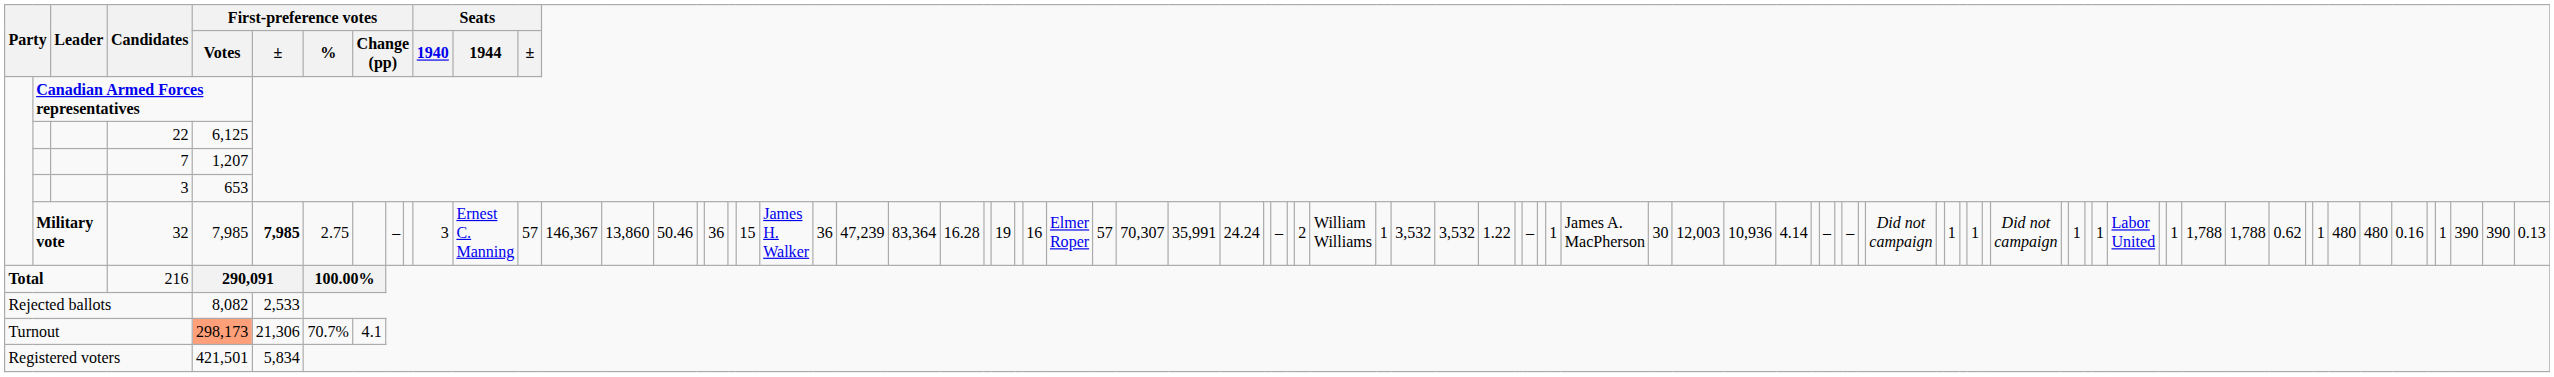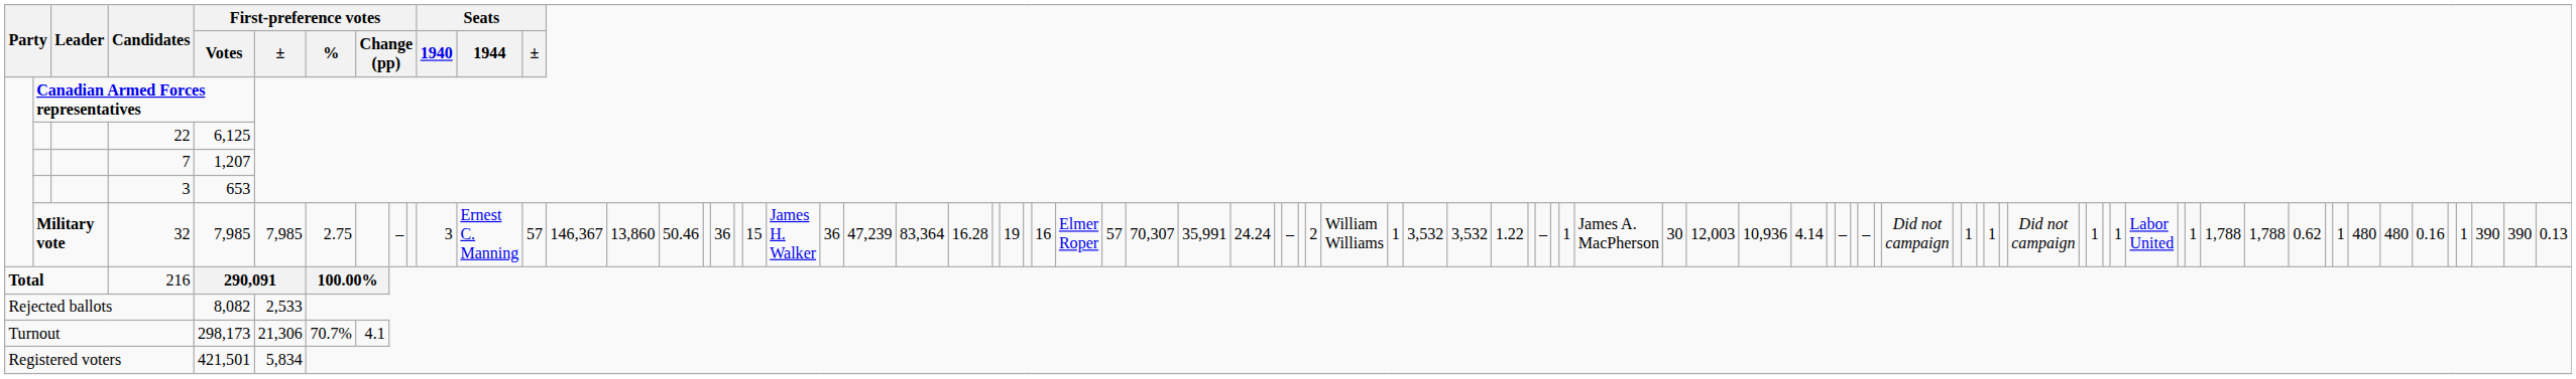 <table class="wikitable" style="text-align:right; font-size:85%">
 <tr>
 <th rowspan="2" colspan="2" style="width:15%">Party</th>
 <th rowspan="2">Leader</th>
 <th rowspan="2">Candidates</th>
 <th colspan="6">First-preference votes</th>
 <th colspan="3">Seats</th>
 </tr>
 <tr>
 <th>Votes</th>
 <th>±</th>
 <th>% </th>
 <th colspan="3">Change (pp)</th>
 <th><a href='#'>1940</a></th>
 <th>1944</th>
 <th>±</th>
 </tr>
 <tr>
 <td rowspan="5" > </td>
 <td style="text-align:left;" colspan="4"><strong><a href='#'>Canadian Armed Forces</a> representatives</strong></td>
 </tr>
 <tr>
 <td style="text-align:left;"></td>
 <td></td>
 <td>22</td>
 <td>6,125</td>
 </tr>
 <tr>
 <td style="text-align:left;"></td>
 <td></td>
 <td>7</td>
 <td>1,207</td>
 </tr>
 <tr>
 <td style="text-align:left;"></td>
 <td></td>
 <td>3</td>
 <td>653</td>
 </tr>
 <tr>
 <td colspan="2" style="text-align:left;"><strong>Military vote</strong></td>
 <td>32</td>
 <td>7,985</td>
-<td><strong>7,985</strong></td>
+<td>7,985</td>
 <td>2.75</td>
 <td></td>
 <td>–</td>
 <td></td>
 <td>3<br></td>
 <td style="text-align:left;"><a href='#'>Ernest C. Manning</a></td>
 <td>57</td>
 <td>146,367</td>
 <td>13,860</td>
 <td>50.46</td>
 <td></td>
 <td>36</td>
 <td></td>
 <td>15<br></td>
 <td style="text-align:left;"><a href='#'>James H. Walker</a></td>
 <td>36</td>
 <td>47,239</td>
 <td>83,364</td>
 <td>16.28</td>
 <td></td>
 <td>19</td>
 <td></td>
 <td>16<br></td>
 <td style="text-align:left;"><a href='#'>Elmer Roper</a></td>
 <td>57</td>
 <td>70,307</td>
 <td>35,991</td>
 <td>24.24</td>
 <td></td>
 <td>–</td>
 <td></td>
 <td>2<br></td>
 <td style="text-align:left;">William Williams</td>
 <td>1</td>
 <td>3,532</td>
 <td>3,532</td>
 <td>1.22</td>
 <td></td>
 <td>–</td>
 <td></td>
 <td>1<br></td>
 <td style="text-align:left;">James A. MacPherson</td>
 <td>30</td>
 <td>12,003</td>
 <td>10,936</td>
 <td>4.14</td>
 <td></td>
 <td>–</td>
 <td></td>
 <td>–<br></td>
 <td style="text-align:left;"></td>
 <td colspan="4" style="text-align:center;"><em>Did not campaign</em></td>
 <td></td>
 <td>1</td>
 <td></td>
 <td>1<br></td>
 <td style="text-align:left;"></td>
 <td colspan="4" style="text-align:center;"><em>Did not campaign</em></td>
 <td></td>
 <td>1</td>
 <td></td>
 <td>1<br></td>
 <td style="text-align:left;"><a href='#'>Labor United</a></td>
 <td></td>
 <td>1</td>
 <td>1,788</td>
 <td>1,788</td>
 <td>0.62<br></td>
 <td></td>
 <td>1</td>
 <td>480</td>
 <td>480</td>
 <td>0.16<br></td>
 <td></td>
 <td>1</td>
 <td>390</td>
 <td>390</td>
 <td>0.13</td>
 </tr>
 <tr>
 <td colspan="3" style="text-align: left;"><strong>Total</strong></td>
 <td>216</td>
 <th colspan="2">290,091</th>
 <th colspan="2">100.00%</th>
 </tr>
 <tr>
 <td colspan="4" style="text-align:left;">Rejected ballots</td>
 <td>8,082</td>
 <td>2,533</td>
 </tr>
 <tr>
 <td colspan="4" style="text-align:left;">Turnout</td>
-<td style="background: lightsalmon;">298,173</td>
+<td>298,173</td>
 <td>21,306</td>
 <td>70.7%</td>
 <td>4.1</td>
 </tr>
 <tr>
 <td colspan="4" style="text-align:left;">Registered voters</td>
 <td>421,501</td>
 <td>5,834</td>
 </tr>
 </table>
